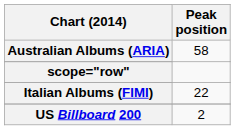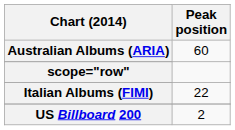 <table class="wikitable sortable plainrowheaders" style="text-align:center;">
 <tr>
 <th scope="col">Chart (2014)</th>
 <th scope="col">Peak<br>position</th>
 </tr>
 <tr>
 <th scope="row">Australian Albums (<a href='#'>ARIA</a>)</th>
-<td>58</td>
+<td>60</td>
 </tr>
 <tr>
 </tr>
 <tr>
 </tr>
 <tr>
 </tr>
 <tr>
 <th>scope="row" </th>
 </tr>
 <tr>
 </tr>
 <tr>
 </tr>
 <tr>
 </tr>
 <tr>
 </tr>
 <tr>
 </tr>
 <tr>
 </tr>
 <tr>
 <th scope="row">Italian Albums (<a href='#'>FIMI</a>)</th>
 <td>22</td>
 </tr>
 <tr>
 </tr>
 <tr>
 </tr>
 <tr>
 </tr>
 <tr>
 </tr>
 <tr>
 <th scope="row">US <em><a href='#'>Billboard</a></em> <a href='#'>200</a></th>
 <td>2</td>
 </tr>
 </table>
